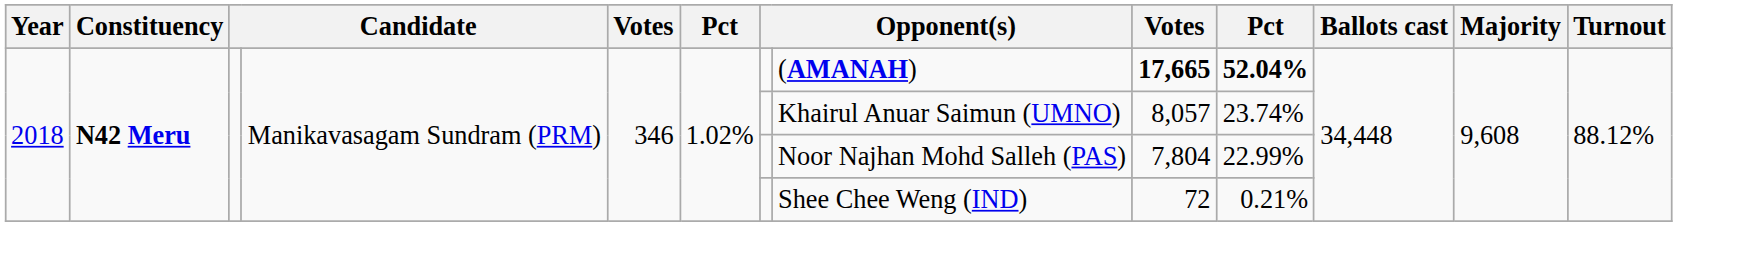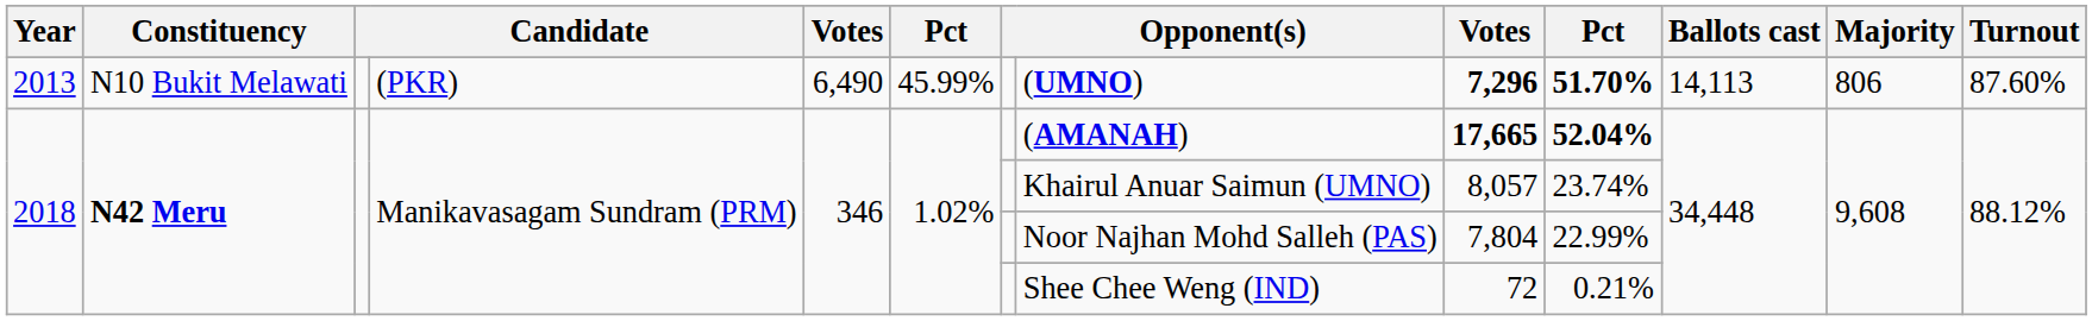 <table class="wikitable" style="margin:0.5em ; font-size:95%">
 <tr>
 <th>Year</th>
 <th>Constituency</th>
 <th colspan=2>Candidate</th>
 <th>Votes</th>
 <th>Pct</th>
 <th colspan=2>Opponent(s)</th>
 <th>Votes</th>
 <th>Pct</th>
 <th>Ballots cast</th>
 <th>Majority</th>
 <th>Turnout</th>
+</tr>
+<tr>
+<td><a href='#'>2013</a></td>
+<td>N10 <a href='#'>Bukit Melawati</a></td>
+<td></td>
+<td> (<a href='#'>PKR</a>)</td>
+<td align="right">6,490</td>
+<td>45.99%</td>
+<td></td>
+<td> (<a href='#'><strong>UMNO</strong></a>)</td>
+<td align="right"><strong>7,296</strong></td>
+<td><strong>51.70%</strong></td>
+<td>14,113</td>
+<td>806</td>
+<td>87.60%</td>
 </tr>
 <tr>
 <td rowspan=4><a href='#'>2018</a></td>
 <td rowspan=4><strong>N42 <a href='#'>Meru</a></strong></td>
 <td rowspan=4></td>
 <td rowspan=4>Manikavasagam Sundram (<a href='#'>PRM</a>)</td>
 <td rowspan=4 align=right>346</td>
 <td rowspan=4 align=right>1.02%</td>
 <td></td>
 <td> (<a href='#'><strong>AMANAH</strong></a>)</td>
 <td align="right"><strong>17,665</strong></td>
 <td><strong>52.04%</strong></td>
 <td rowspan=4>34,448</td>
 <td rowspan=4>9,608</td>
 <td rowspan=4>88.12%</td>
 </tr>
 <tr>
 <td></td>
 <td>Khairul Anuar Saimun (<a href='#'>UMNO</a>)</td>
 <td align="right">8,057</td>
 <td>23.74%</td>
 </tr>
 <tr>
 <td></td>
 <td>Noor Najhan Mohd Salleh (<a href='#'>PAS</a>)</td>
 <td align="right">7,804</td>
 <td>22.99%</td>
 </tr>
 <tr>
 <td></td>
 <td>Shee Chee Weng (<a href='#'>IND</a>)</td>
 <td align="right">72</td>
 <td align="right">0.21%</td>
 </tr>
 </table>
